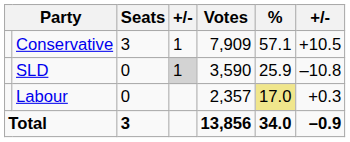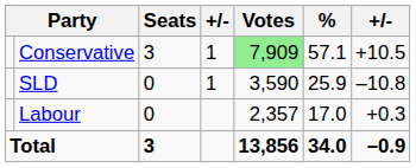 <table class="wikitable sortable">
 <tr>
 <th colspan="2">Party</th>
 <th>Seats</th>
 <th>+/-</th>
 <th>Votes</th>
 <th>%</th>
 <th>+/-</th>
 </tr>
 <tr>
 <td style="background-color: "></td>
 <td><a href='#'>Conservative</a></td>
 <td>3</td>
 <td> 1</td>
-<td style="text-align:right;">7,909</td>
+<td style="background: lightgreen; text-align:right;">7,909</td>
 <td style="text-align:right;">57.1</td>
 <td style="text-align:right;">+10.5</td>
 </tr>
 <tr>
 <td style="background-color: "></td>
 <td><a href='#'>SLD</a></td>
 <td>0</td>
-<td style="background: lightgrey;"> 1</td>
+<td> 1</td>
 <td style="text-align:right;">3,590</td>
 <td style="text-align:right;">25.9</td>
 <td style="text-align:right;">–10.8</td>
 </tr>
 <tr>
 <td style="background-color: "></td>
 <td><a href='#'>Labour</a></td>
 <td>0</td>
 <td></td>
 <td style="text-align:right;">2,357</td>
-<td style="background: khaki; text-align:right;">17.0</td>
+<td style="text-align:right;">17.0</td>
 <td style="text-align:right;">+0.3</td>
 </tr>
 <tr>
 <td colspan="2"><strong>Total</strong></td>
 <td><strong>3</strong></td>
 <td></td>
 <td style="text-align:right;"><strong>13,856</strong></td>
 <td style="text-align:right;"><strong>34.0</strong></td>
 <td style="text-align:right;"><strong>–0.9</strong></td>
 </tr>
 </table>
